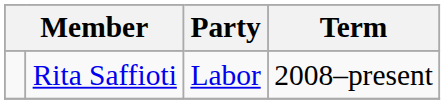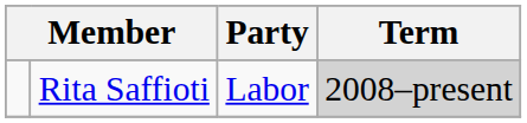 <table class="wikitable">
 <tr>
 <th colspan="2">Member</th>
 <th>Party</th>
 <th>Term</th>
 </tr>
 <tr>
 <td> </td>
 <td><a href='#'>Rita Saffioti</a></td>
 <td><a href='#'>Labor</a></td>
-<td>2008–present</td>
+<td style="background: lightgrey;">2008–present</td>
 </tr>
 <tr>
 </tr>
 </table>
